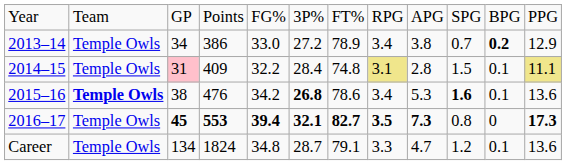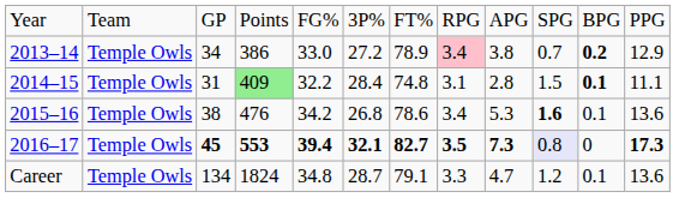 <table class="wikitable">
 <tr>
 <td>Year</td>
 <td>Team</td>
 <td>GP</td>
 <td>Points</td>
 <td>FG%</td>
 <td>3P%</td>
 <td>FT%</td>
 <td>RPG</td>
 <td>APG</td>
 <td>SPG</td>
 <td>BPG</td>
 <td>PPG</td>
 </tr>
 <tr>
 <td><a href='#'>2013–14</a></td>
 <td><a href='#'>Temple Owls</a></td>
 <td>34</td>
 <td>386</td>
 <td>33.0</td>
 <td>27.2</td>
 <td>78.9</td>
-<td>3.4</td>
+<td style="background: pink;">3.4</td>
 <td>3.8</td>
 <td>0.7</td>
 <td><strong>0.2</strong></td>
 <td>12.9</td>
 </tr>
 <tr>
 <td><a href='#'>2014–15</a></td>
 <td><a href='#'>Temple Owls</a></td>
-<td style="background: pink;">31</td>
-<td>409</td>
+<td>31</td>
+<td style="background: lightgreen;">409</td>
 <td>32.2</td>
 <td>28.4</td>
 <td>74.8</td>
-<td style="background: khaki;">3.1</td>
+<td>3.1</td>
 <td>2.8</td>
 <td>1.5</td>
-<td>0.1</td>
-<td style="background: khaki;">11.1</td>
+<td><strong>0.1</strong></td>
+<td>11.1</td>
 </tr>
 <tr>
 <td><a href='#'>2015–16</a></td>
-<td><strong><a href='#'>Temple Owls</a></strong></td>
+<td><a href='#'>Temple Owls</a></td>
 <td>38</td>
 <td>476</td>
 <td>34.2</td>
-<td><strong>26.8</strong></td>
+<td>26.8</td>
 <td>78.6</td>
 <td>3.4</td>
 <td>5.3</td>
 <td><strong>1.6</strong></td>
 <td>0.1</td>
 <td>13.6</td>
 </tr>
 <tr>
 <td><a href='#'>2016–17</a></td>
 <td><a href='#'>Temple Owls</a></td>
 <td><strong>45</strong></td>
 <td><strong>553</strong></td>
 <td><strong>39.4</strong></td>
 <td><strong>32.1</strong></td>
 <td><strong>82.7</strong></td>
 <td><strong>3.5</strong></td>
 <td><strong>7.3</strong></td>
-<td>0.8</td>
+<td style="background: lavender;">0.8</td>
 <td>0</td>
 <td><strong>17.3</strong></td>
 </tr>
 <tr>
 <td>Career</td>
 <td><a href='#'>Temple Owls</a></td>
 <td>134</td>
 <td>1824</td>
 <td>34.8</td>
 <td>28.7</td>
 <td>79.1</td>
 <td>3.3</td>
 <td>4.7</td>
 <td>1.2</td>
 <td>0.1</td>
 <td>13.6</td>
 </tr>
 </table>
